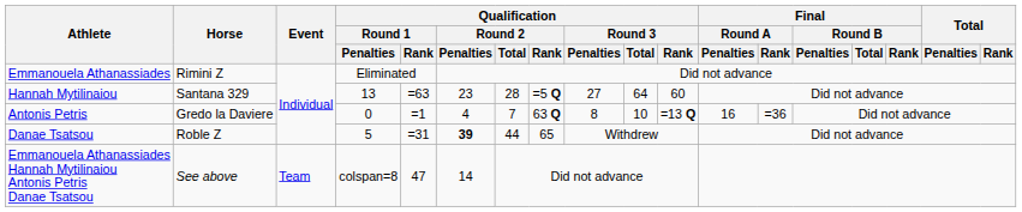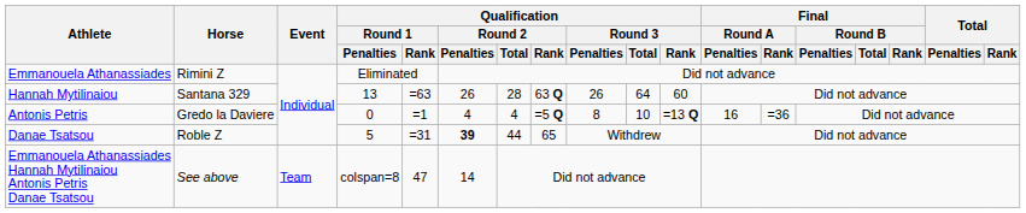 <table class="wikitable" style="font-size:90%">
 <tr>
 <th rowspan="3">Athlete</th>
 <th rowspan="3">Horse</th>
 <th rowspan="3">Event</th>
 <th colspan="8">Qualification</th>
 <th colspan="5">Final</th>
 <th rowspan=2 colspan="2">Total</th>
 </tr>
 <tr style="font-size:95%">
 <th colspan="2">Round 1</th>
 <th colspan="3">Round 2</th>
 <th colspan="3">Round 3</th>
 <th colspan="2">Round A</th>
 <th colspan="3">Round B</th>
 </tr>
 <tr style="font-size:95%">
 <th>Penalties</th>
 <th>Rank</th>
 <th>Penalties</th>
 <th>Total</th>
 <th>Rank</th>
 <th>Penalties</th>
 <th>Total</th>
 <th>Rank</th>
 <th>Penalties</th>
 <th>Rank</th>
 <th>Penalties</th>
 <th>Total</th>
 <th>Rank</th>
 <th>Penalties</th>
 <th>Rank</th>
 </tr>
 <tr align=center>
 <td align=left><a href='#'>Emmanouela Athanassiades</a></td>
 <td align=left>Rimini Z</td>
 <td align=left rowspan=4><a href='#'>Individual</a></td>
 <td colspan=2>Eliminated</td>
 <td colspan=13>Did not advance</td>
 </tr>
 <tr align=center>
 <td align=left><a href='#'>Hannah Mytilinaiou</a></td>
 <td align=left>Santana 329</td>
 <td>13</td>
 <td>=63</td>
-<td>23</td>
+<td>26</td>
 <td>28</td>
-<td>=5 <strong>Q</strong></td>
-<td>27</td>
+<td>63 <strong>Q</strong></td>
+<td>26</td>
 <td>64</td>
 <td>60</td>
 <td colspan=7>Did not advance</td>
 </tr>
 <tr align=center>
 <td align=left><a href='#'>Antonis Petris</a></td>
 <td align=left>Gredo la Daviere</td>
 <td>0</td>
 <td>=1</td>
 <td>4</td>
-<td>7</td>
-<td>63 <strong>Q</strong></td>
+<td>4</td>
+<td>=5 <strong>Q</strong></td>
 <td>8</td>
 <td>10</td>
 <td>=13 <strong>Q</strong></td>
 <td>16</td>
 <td>=36</td>
 <td colspan=7>Did not advance</td>
 </tr>
 <tr align=center>
 <td align=left><a href='#'>Danae Tsatsou</a></td>
 <td align=left>Roble Z</td>
 <td>5</td>
 <td>=31</td>
 <td><strong>39</strong></td>
 <td>44</td>
 <td>65</td>
 <td colspan=3>Withdrew</td>
 <td colspan=7>Did not advance</td>
 </tr>
 <tr align=center>
 <td align=left><a href='#'>Emmanouela Athanassiades</a><br><a href='#'>Hannah Mytilinaiou</a><br><a href='#'>Antonis Petris</a><br><a href='#'>Danae Tsatsou</a></td>
 <td align=left><em>See above</em></td>
 <td align=left><a href='#'>Team</a></td>
 <td>colspan=8 </td>
 <td>47</td>
 <td>14</td>
 <td colspan=5>Did not advance</td>
 </tr>
 </table>
